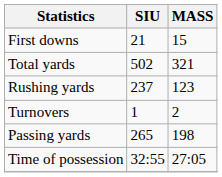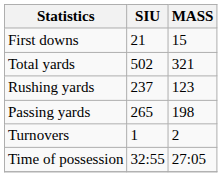 <table class="wikitable">
 <tr>
 <th>Statistics</th>
 <th>SIU</th>
 <th>MASS</th>
 </tr>
 <tr>
 <td>First downs</td>
 <td>21</td>
 <td>15</td>
 </tr>
 <tr>
 <td>Total yards</td>
 <td>502</td>
 <td>321</td>
 </tr>
 <tr>
 <td>Rushing yards</td>
 <td>237</td>
 <td>123</td>
 </tr>
 <tr>
+<td>Passing yards</td>
+<td>265</td>
+<td>198</td>
+</tr>
+<tr>
 <td>Turnovers</td>
 <td>1</td>
 <td>2</td>
-</tr>
-<tr>
-<td>Passing yards</td>
-<td>265</td>
-<td>198</td>
 </tr>
 <tr>
 <td>Time of possession</td>
 <td>32:55</td>
 <td>27:05</td>
 </tr>
 <tr>
 </tr>
 </table>
